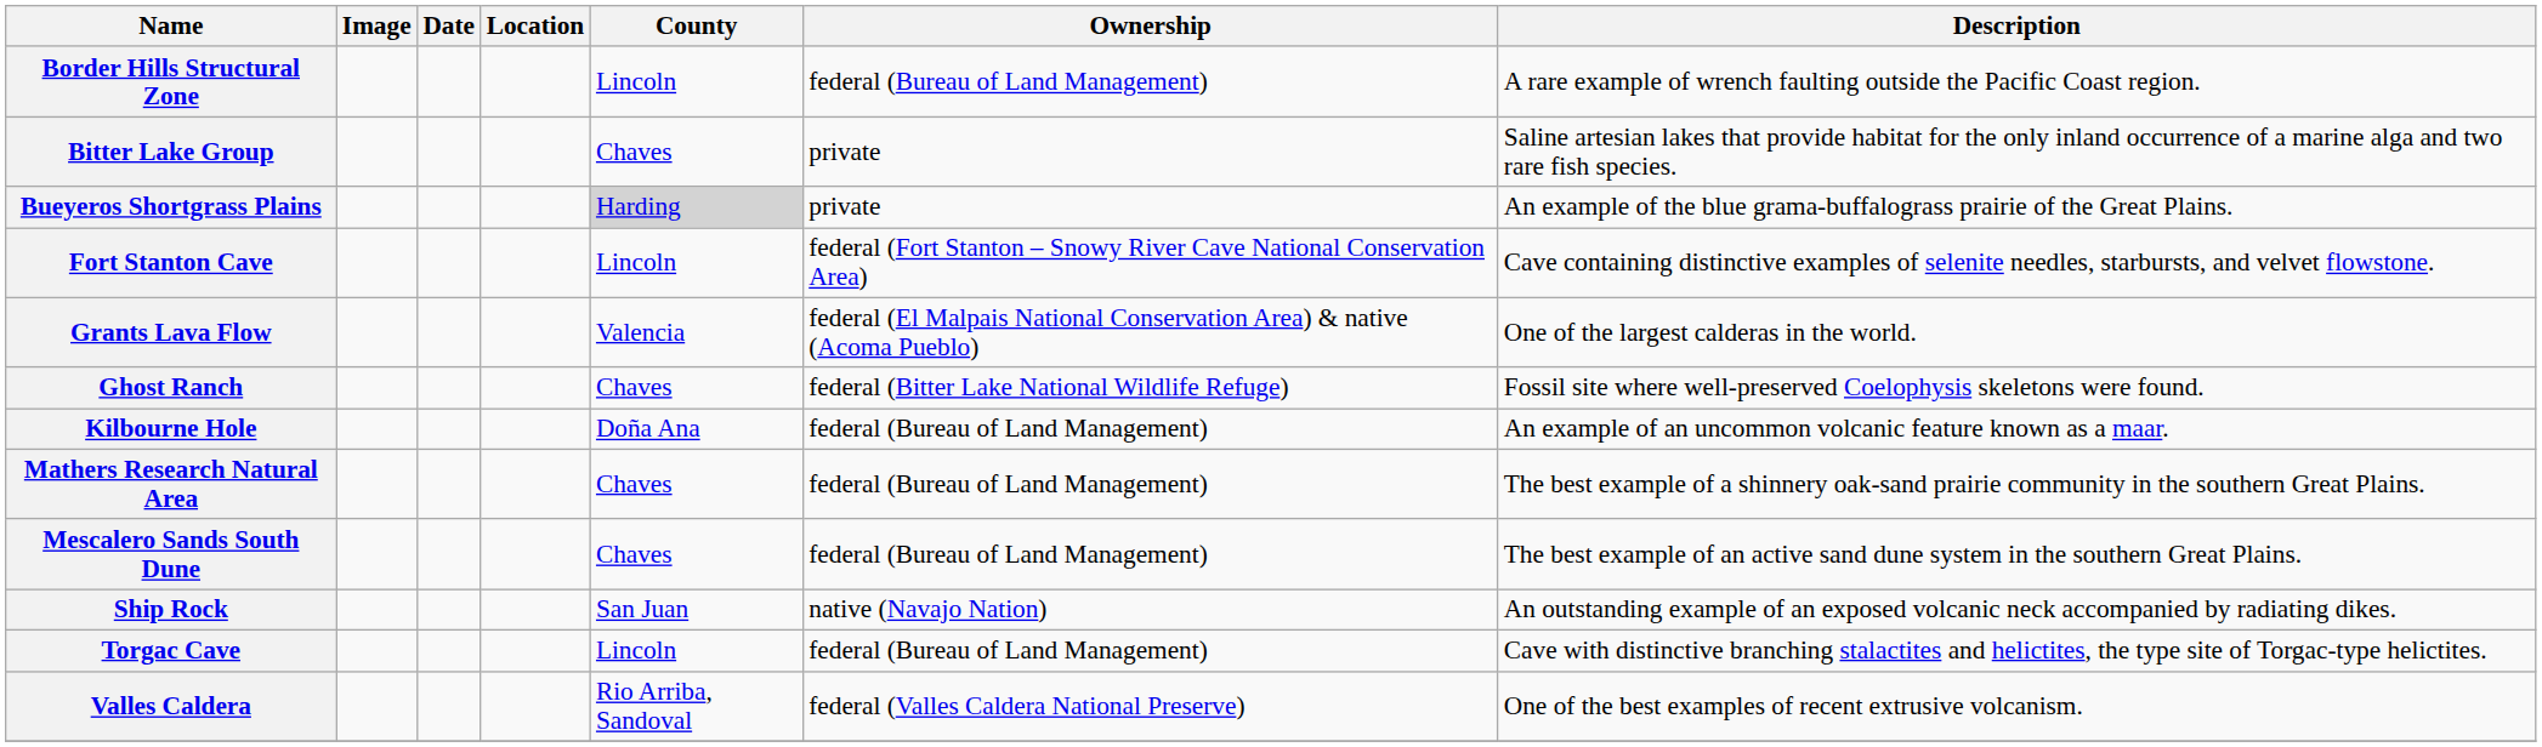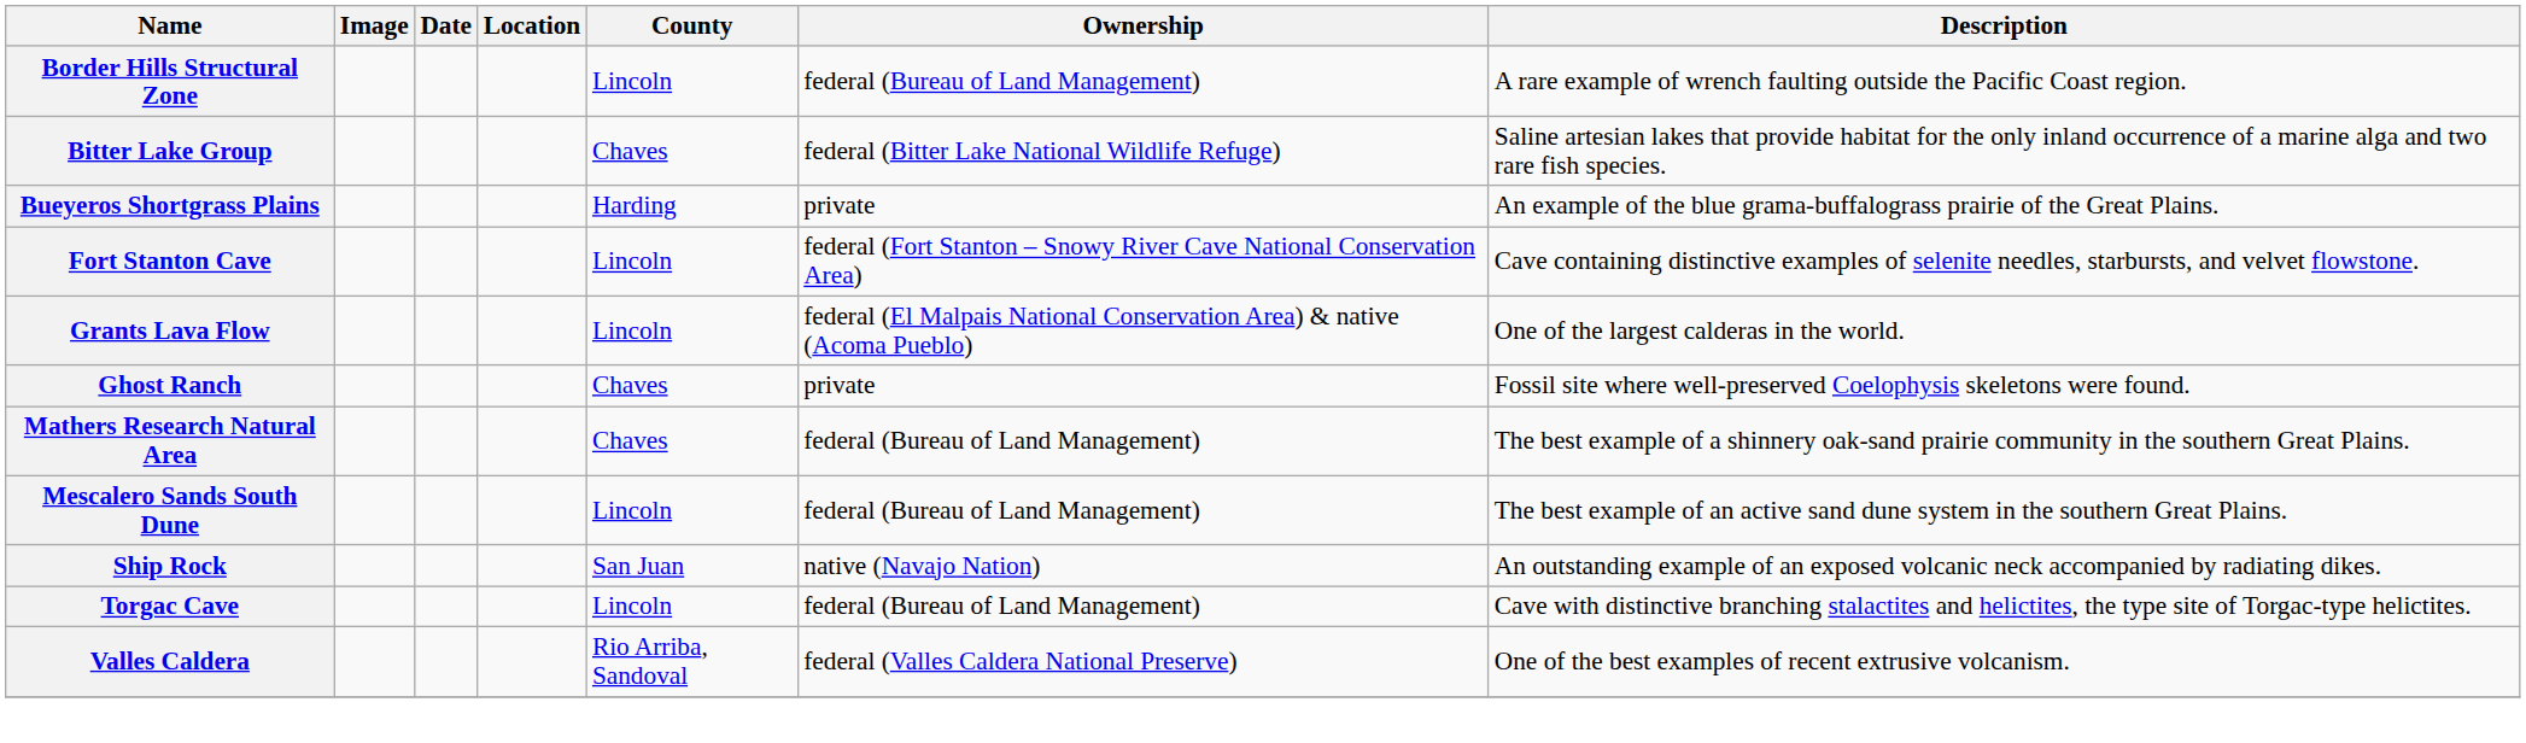 <table class="wikitable sortable" align="center">
 <tr>
 <th style="background-color:">Name</th>
 <th style="background-color:">Image</th>
 <th style="background-color:">Date</th>
 <th style="background-color:">Location</th>
 <th style="background-color:">County</th>
 <th style="background-color:">Ownership</th>
 <th style="background-color:">Description</th>
 </tr>
 <tr>
 <th><a href='#'>Border Hills Structural Zone</a></th>
 <td></td>
 <td></td>
 <td></td>
 <td><a href='#'>Lincoln</a></td>
 <td>federal (<a href='#'>Bureau of Land Management</a>)</td>
 <td>A rare example of wrench faulting outside the Pacific Coast region.</td>
 </tr>
 <tr>
 <th><a href='#'>Bitter Lake Group</a></th>
 <td></td>
 <td></td>
 <td></td>
 <td><a href='#'>Chaves</a></td>
-<td>private</td>
+<td>federal (<a href='#'>Bitter Lake National Wildlife Refuge</a>)</td>
 <td>Saline artesian lakes that provide habitat for the only inland occurrence of a marine alga and two rare fish species.</td>
 </tr>
 <tr>
 <th><a href='#'>Bueyeros Shortgrass Plains</a></th>
 <td></td>
 <td></td>
 <td></td>
-<td style="background: lightgrey;"><a href='#'>Harding</a></td>
+<td><a href='#'>Harding</a></td>
 <td>private</td>
 <td>An example of the blue grama-buffalograss prairie of the Great Plains.</td>
 </tr>
 <tr>
 <th><a href='#'>Fort Stanton Cave</a></th>
 <td></td>
 <td></td>
 <td></td>
 <td><a href='#'>Lincoln</a></td>
 <td>federal (<a href='#'>Fort Stanton – Snowy River Cave National Conservation Area</a>)</td>
 <td>Cave containing distinctive examples of <a href='#'>selenite</a> needles, starbursts, and velvet <a href='#'>flowstone</a>.</td>
 </tr>
 <tr>
 <th><a href='#'>Grants Lava Flow</a></th>
 <td></td>
 <td></td>
 <td></td>
-<td><a href='#'>Valencia</a></td>
+<td><a href='#'>Lincoln</a></td>
 <td>federal (<a href='#'>El Malpais National Conservation Area</a>) & native (<a href='#'>Acoma Pueblo</a>)</td>
 <td>One of the largest calderas in the world.</td>
 </tr>
 <tr>
 <th><a href='#'>Ghost Ranch</a></th>
 <td></td>
 <td></td>
 <td></td>
 <td><a href='#'>Chaves</a></td>
-<td>federal (<a href='#'>Bitter Lake National Wildlife Refuge</a>)</td>
+<td>private</td>
 <td>Fossil site where well-preserved <a href='#'>Coelophysis</a> skeletons were found.</td>
-</tr>
-<tr>
-<th><a href='#'>Kilbourne Hole</a></th>
-<td></td>
-<td></td>
-<td></td>
-<td><a href='#'>Doña Ana</a></td>
-<td>federal (Bureau of Land Management)</td>
-<td>An example of an uncommon volcanic feature known as a <a href='#'>maar</a>.</td>
 </tr>
 <tr>
 <th><a href='#'>Mathers Research Natural Area</a></th>
 <td></td>
 <td></td>
 <td></td>
 <td><a href='#'>Chaves</a></td>
 <td>federal (Bureau of Land Management)</td>
 <td>The best example of a shinnery oak-sand prairie community in the southern Great Plains.</td>
 </tr>
 <tr>
 <th><a href='#'>Mescalero Sands South Dune</a></th>
 <td></td>
 <td></td>
 <td></td>
-<td><a href='#'>Chaves</a></td>
+<td><a href='#'>Lincoln</a></td>
 <td>federal (Bureau of Land Management)</td>
 <td>The best example of an active sand dune system in the southern Great Plains.</td>
 </tr>
 <tr>
 <th><a href='#'>Ship Rock</a></th>
 <td></td>
 <td></td>
 <td></td>
 <td><a href='#'>San Juan</a></td>
 <td>native (<a href='#'>Navajo Nation</a>)</td>
 <td>An outstanding example of an exposed volcanic neck accompanied by radiating dikes.</td>
 </tr>
 <tr>
 <th><a href='#'>Torgac Cave</a></th>
 <td></td>
 <td></td>
 <td></td>
 <td><a href='#'>Lincoln</a></td>
 <td>federal (Bureau of Land Management)</td>
 <td>Cave with distinctive branching <a href='#'>stalactites</a> and <a href='#'>helictites</a>, the type site of Torgac-type helictites.</td>
 </tr>
 <tr>
 <th><a href='#'>Valles Caldera</a></th>
 <td></td>
 <td></td>
 <td></td>
 <td><a href='#'>Rio Arriba</a>, <a href='#'>Sandoval</a></td>
 <td>federal (<a href='#'>Valles Caldera National Preserve</a>)</td>
 <td>One of the best examples of recent extrusive volcanism.</td>
 </tr>
 <tr>
 </tr>
 </table>
